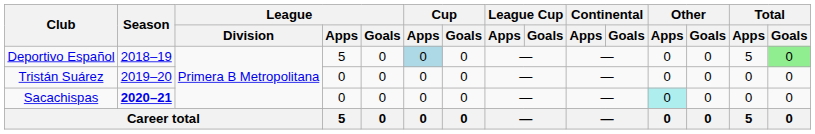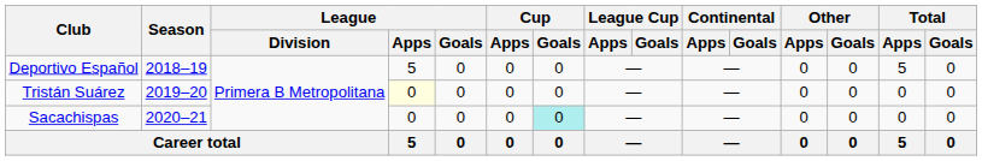 <table class="wikitable" style="text-align:center">
 <tr>
 <th rowspan="2">Club</th>
 <th rowspan="2">Season</th>
 <th colspan="3">League</th>
 <th colspan="2">Cup</th>
 <th colspan="2">League Cup</th>
 <th colspan="2">Continental</th>
 <th colspan="2">Other</th>
 <th colspan="2">Total</th>
 </tr>
 <tr>
 <th>Division</th>
 <th>Apps</th>
 <th>Goals</th>
 <th>Apps</th>
 <th>Goals</th>
 <th>Apps</th>
 <th>Goals</th>
 <th>Apps</th>
 <th>Goals</th>
 <th>Apps</th>
 <th>Goals</th>
 <th>Apps</th>
 <th>Goals</th>
 </tr>
 <tr>
 <td rowspan="1"><a href='#'>Deportivo Español</a></td>
 <td><a href='#'>2018–19</a></td>
 <td rowspan="3"><a href='#'>Primera B Metropolitana</a></td>
 <td>5</td>
 <td>0</td>
-<td style="background: lightblue;">0</td>
+<td>0</td>
 <td>0</td>
 <td colspan="2">—</td>
 <td colspan="2">—</td>
 <td>0</td>
 <td>0</td>
 <td>5</td>
-<td style="background: lightgreen;">0</td>
+<td>0</td>
 </tr>
 <tr>
 <td rowspan="1"><a href='#'>Tristán Suárez</a></td>
 <td><a href='#'>2019–20</a></td>
-<td>0</td>
+<td style="background: lightyellow;">0</td>
 <td>0</td>
 <td>0</td>
 <td>0</td>
 <td colspan="2">—</td>
 <td colspan="2">—</td>
 <td>0</td>
 <td>0</td>
 <td>0</td>
 <td>0</td>
 </tr>
 <tr>
 <td rowspan="1"><a href='#'>Sacachispas</a></td>
-<td><strong><a href='#'>2020–21</a></strong></td>
+<td><a href='#'>2020–21</a></td>
 <td>0</td>
 <td>0</td>
 <td>0</td>
-<td>0</td>
+<td style="background: paleturquoise;">0</td>
 <td colspan="2">—</td>
 <td colspan="2">—</td>
-<td style="background: paleturquoise;">0</td>
+<td>0</td>
 <td>0</td>
 <td>0</td>
 <td>0</td>
 </tr>
 <tr>
 <th colspan="3">Career total</th>
 <th>5</th>
 <th>0</th>
 <th>0</th>
 <th>0</th>
 <th colspan="2">—</th>
 <th colspan="2">—</th>
 <th>0</th>
 <th>0</th>
 <th>5</th>
 <th>0</th>
 </tr>
 </table>
